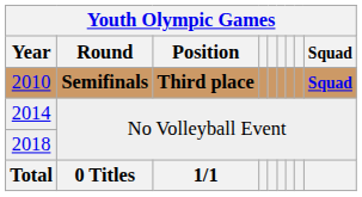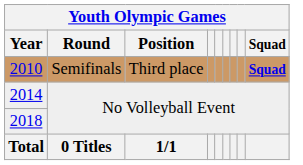 <table class="wikitable" style="text-align: center;">
 <tr>
 <th colspan=9><a href='#'>Youth Olympic Games</a></th>
 </tr>
 <tr>
 <th>Year</th>
 <th>Round</th>
 <th>Position</th>
 <th></th>
 <th></th>
 <th></th>
 <th></th>
 <th></th>
 <th><small>Squad</small></th>
 </tr>
 <tr bgcolor=cc9966>
 <td> <a href='#'>2010</a></td>
-<td><strong>Semifinals</strong></td>
-<td><strong>Third place</strong></td>
+<td>Semifinals</td>
+<td>Third place</td>
 <td></td>
 <td></td>
 <td></td>
 <td></td>
 <td></td>
 <td><strong><small><a href='#'>Squad</a></small></strong></td>
 </tr>
 <tr bgcolor="efefef">
 <td> <a href='#'>2014</a></td>
 <td colspan=9 rowspan=2 align=center>No Volleyball Event</td>
 </tr>
 <tr bgcolor="efefef">
 <td> <a href='#'>2018</a></td>
 </tr>
 <tr>
 <th>Total</th>
 <th>0 Titles</th>
 <th>1/1</th>
 <th></th>
 <th></th>
 <th></th>
 <th></th>
 <th></th>
 <th></th>
 </tr>
 </table>
